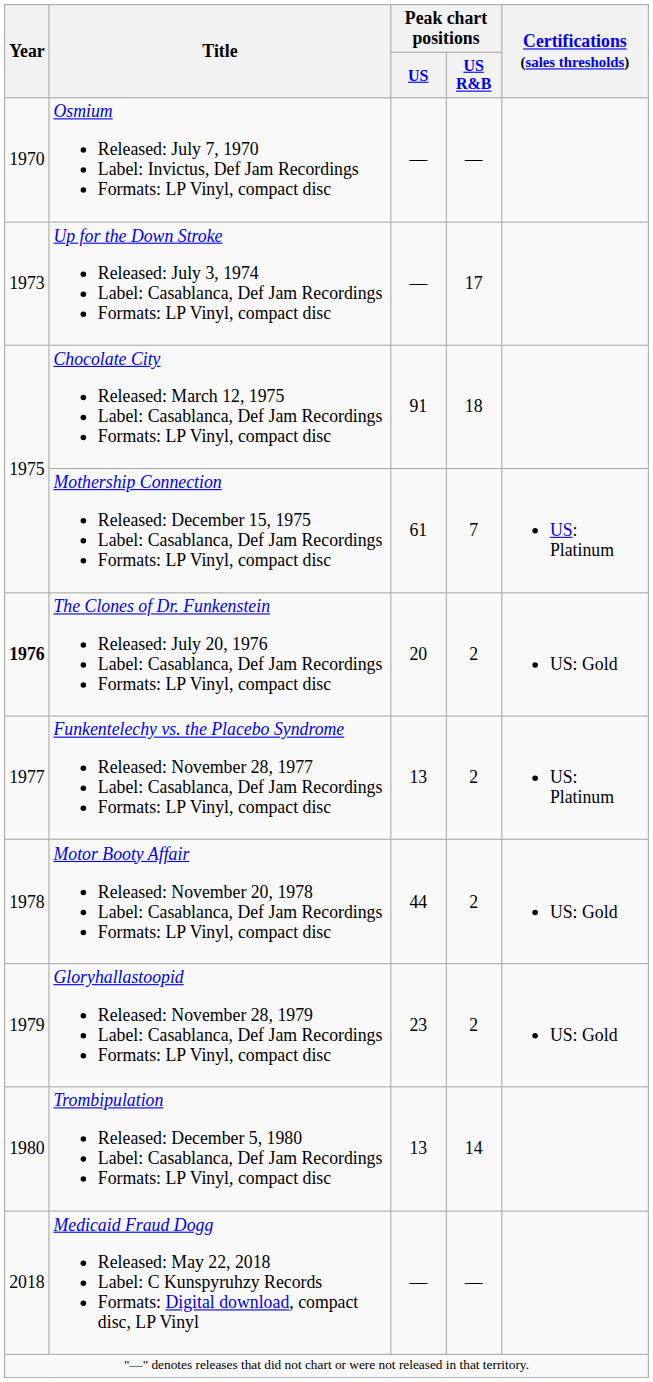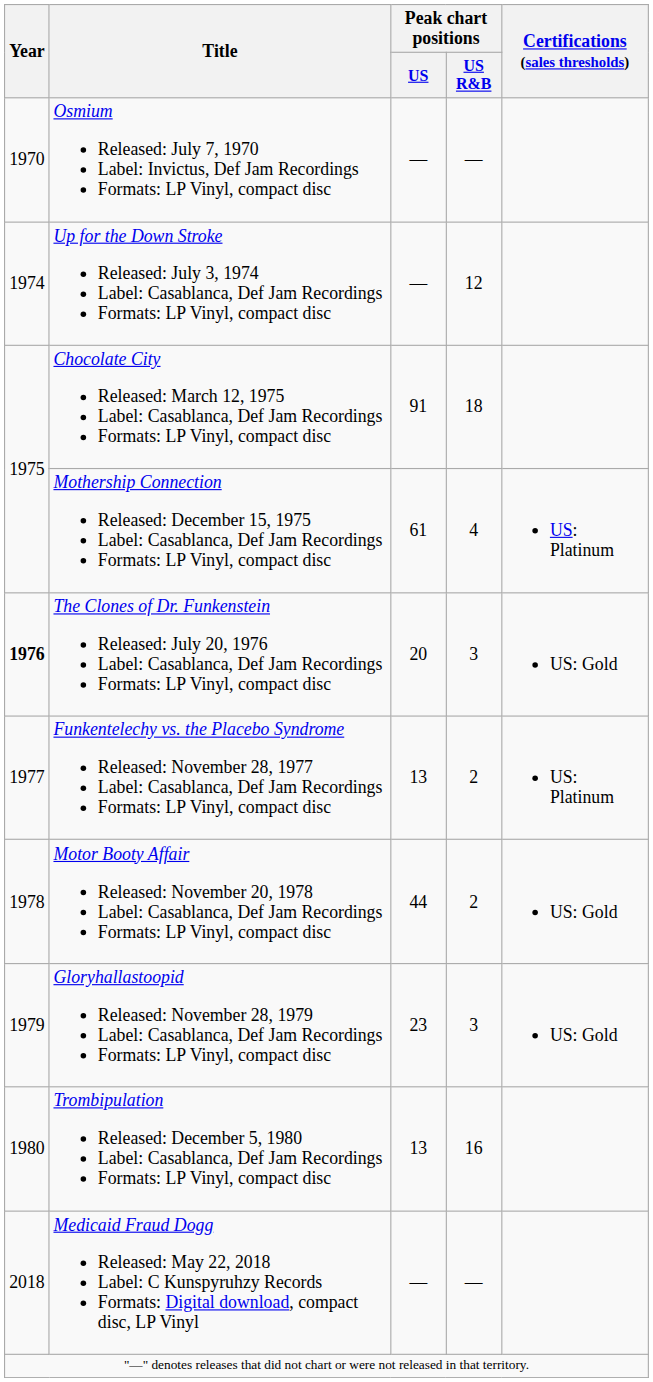 <table class="wikitable">
 <tr>
 <th rowspan="2" width="33">Year</th>
 <th rowspan="2" width="300">Title</th>
 <th colspan="2">Peak chart positions</th>
 <th rowspan="2" width="125"><a href='#'>Certifications</a><br><small>(<a href='#'>sales thresholds</a>)</small></th>
 </tr>
 <tr>
 <th style="width:3em;font-size:90%"><a href='#'>US</a><br></th>
 <th style="width:3em;font-size:90%"><a href='#'>US<br>R&B</a><br></th>
 </tr>
 <tr>
 <td align="center">1970</td>
 <td><em><a href='#'>Osmium</a></em><br><ul><li>Released: July 7, 1970</li><li>Label: Invictus, Def Jam Recordings</li><li>Formats: LP Vinyl, compact disc</li></ul></td>
 <td align="center">—</td>
 <td align="center">—</td>
 <td></td>
 </tr>
 <tr>
-<td align="center">1973</td>
+<td align="center">1974</td>
 <td><em><a href='#'>Up for the Down Stroke</a></em><br><ul><li>Released: July 3, 1974</li><li>Label: Casablanca, Def Jam Recordings</li><li>Formats: LP Vinyl, compact disc</li></ul></td>
 <td align="center">—</td>
-<td align="center">17</td>
+<td align="center">12</td>
 <td></td>
 </tr>
 <tr>
 <td align="center" rowspan="2">1975</td>
 <td><em><a href='#'>Chocolate City</a></em><br><ul><li>Released: March 12, 1975</li><li>Label: Casablanca, Def Jam Recordings</li><li>Formats: LP Vinyl, compact disc</li></ul></td>
 <td align="center">91</td>
 <td align="center">18</td>
 <td></td>
 </tr>
 <tr>
 <td><em><a href='#'>Mothership Connection</a></em><br><ul><li>Released: December 15, 1975</li><li>Label: Casablanca, Def Jam Recordings</li><li>Formats: LP Vinyl, compact disc</li></ul></td>
 <td align="center">61</td>
-<td align="center">7</td>
+<td align="center">4</td>
 <td><br><ul><li><a href='#'>US</a>: Platinum</li></ul></td>
 </tr>
 <tr>
 <td align="center"><strong>1976</strong></td>
 <td><em><a href='#'>The Clones of Dr. Funkenstein</a></em><br><ul><li>Released: July 20, 1976</li><li>Label: Casablanca, Def Jam Recordings</li><li>Formats: LP Vinyl, compact disc</li></ul></td>
 <td align="center">20</td>
-<td align="center">2</td>
+<td align="center">3</td>
 <td><br><ul><li>US: Gold</li></ul></td>
 </tr>
 <tr>
 <td align="center">1977</td>
 <td><em><a href='#'>Funkentelechy vs. the Placebo Syndrome</a></em><br><ul><li>Released: November 28, 1977</li><li>Label: Casablanca, Def Jam Recordings</li><li>Formats: LP Vinyl, compact disc</li></ul></td>
 <td align="center">13</td>
 <td align="center">2</td>
 <td><br><ul><li>US: Platinum</li></ul></td>
 </tr>
 <tr>
 <td align="center">1978</td>
 <td><em><a href='#'>Motor Booty Affair</a></em><br><ul><li>Released: November 20, 1978</li><li>Label: Casablanca, Def Jam Recordings</li><li>Formats: LP Vinyl, compact disc</li></ul></td>
 <td align="center">44</td>
 <td align="center">2</td>
 <td><br><ul><li>US: Gold</li></ul></td>
 </tr>
 <tr>
 <td align="center">1979</td>
 <td><em><a href='#'>Gloryhallastoopid</a></em><br><ul><li>Released: November 28, 1979</li><li>Label: Casablanca, Def Jam Recordings</li><li>Formats: LP Vinyl, compact disc</li></ul></td>
 <td align="center">23</td>
-<td align="center">2</td>
+<td align="center">3</td>
 <td><br><ul><li>US: Gold</li></ul></td>
 </tr>
 <tr>
 <td align="center">1980</td>
 <td><em><a href='#'>Trombipulation</a></em><br><ul><li>Released: December 5, 1980</li><li>Label: Casablanca, Def Jam Recordings</li><li>Formats: LP Vinyl, compact disc</li></ul></td>
 <td align="center">13</td>
-<td align="center">14</td>
+<td align="center">16</td>
 <td></td>
 </tr>
 <tr>
 <td align="center">2018</td>
 <td><em><a href='#'>Medicaid Fraud Dogg</a></em><br><ul><li>Released: May 22, 2018</li><li>Label: C Kunspyruhzy Records</li><li>Formats: <a href='#'>Digital download</a>, compact disc, LP Vinyl</li></ul></td>
 <td align="center">—</td>
 <td align="center">—</td>
 <td></td>
 </tr>
 <tr>
 <td colspan="6" style="text-align:center; font-size:9pt;">"—" denotes releases that did not chart or were not released in that territory.</td>
 </tr>
 </table>
